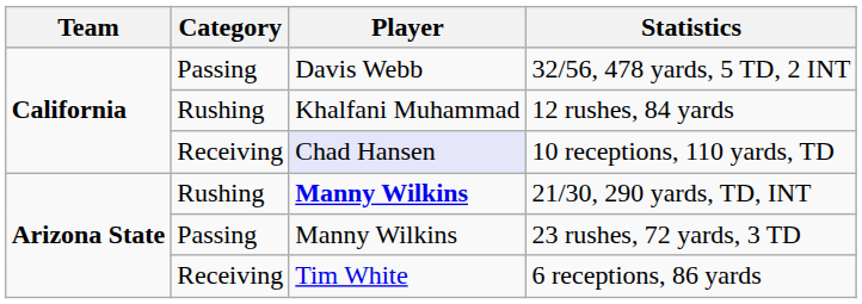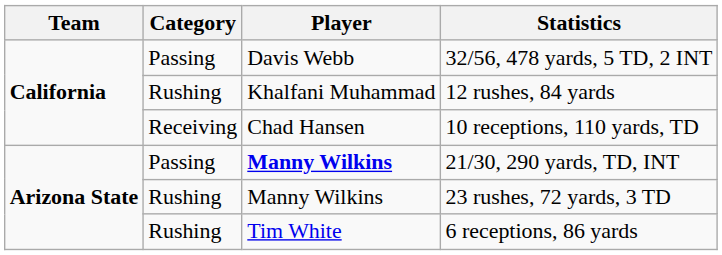 <table class="wikitable" style="float: left;">
 <tr>
 <th>Team</th>
 <th>Category</th>
 <th>Player</th>
 <th>Statistics</th>
 </tr>
 <tr>
 <td rowspan=3><strong>California</strong></td>
 <td>Passing</td>
 <td>Davis Webb</td>
 <td>32/56, 478 yards, 5 TD, 2 INT</td>
 </tr>
 <tr>
 <td>Rushing</td>
 <td>Khalfani Muhammad</td>
 <td>12 rushes, 84 yards</td>
 </tr>
 <tr>
 <td>Receiving</td>
-<td style="background: lavender;">Chad Hansen</td>
+<td>Chad Hansen</td>
 <td>10 receptions, 110 yards, TD</td>
 </tr>
 <tr>
 <td rowspan=3><strong>Arizona State</strong></td>
-<td>Rushing</td>
+<td>Passing</td>
 <td><strong><a href='#'>Manny Wilkins</a></strong></td>
 <td>21/30, 290 yards, TD, INT</td>
 </tr>
 <tr>
-<td>Passing</td>
+<td>Rushing</td>
 <td>Manny Wilkins</td>
 <td>23 rushes, 72 yards, 3 TD</td>
 </tr>
 <tr>
-<td>Receiving</td>
+<td>Rushing</td>
 <td><a href='#'>Tim White</a></td>
 <td>6 receptions, 86 yards</td>
 </tr>
 </table>
